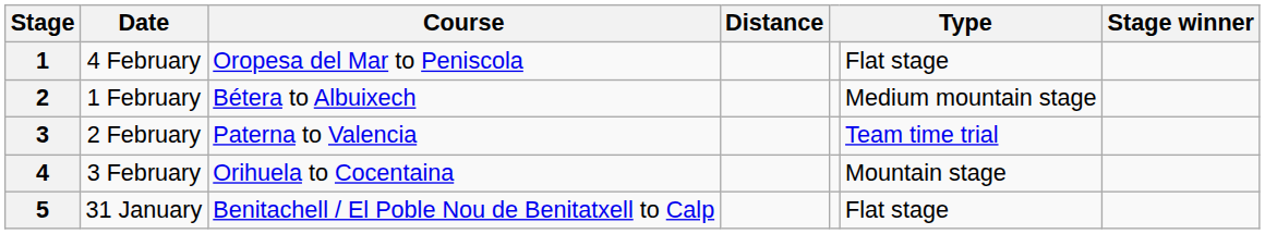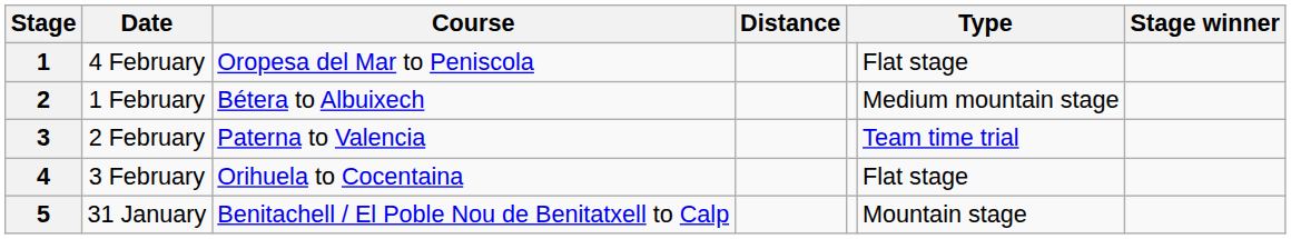 <table class="wikitable">
 <tr>
 <th scope="col">Stage</th>
 <th scope="col">Date</th>
 <th scope="col">Course</th>
 <th scope="col">Distance</th>
 <th scope="col" colspan="2">Type</th>
 <th scope="col">Stage winner</th>
 </tr>
 <tr>
 <th scope="row" style="text-align:center;">1</th>
 <td style="text-align:center;">4 February</td>
 <td><a href='#'>Oropesa del Mar</a> to <a href='#'>Peniscola</a></td>
 <td style="text-align:center;"></td>
 <td></td>
 <td>Flat stage</td>
 <td></td>
 </tr>
 <tr>
 <th scope="row" style="text-align:center;">2</th>
 <td style="text-align:center;">1 February</td>
 <td><a href='#'>Bétera</a> to <a href='#'>Albuixech</a></td>
 <td style="text-align:center;"></td>
 <td></td>
 <td>Medium mountain stage</td>
 <td></td>
 </tr>
 <tr>
 <th scope="row" style="text-align:center;">3</th>
 <td style="text-align:center;">2 February</td>
 <td><a href='#'>Paterna</a> to <a href='#'>Valencia</a></td>
 <td style="text-align:center;"></td>
 <td></td>
 <td><a href='#'>Team time trial</a></td>
 <td></td>
 </tr>
 <tr>
 <th scope="row" style="text-align:center;">4</th>
 <td style="text-align:center;">3 February</td>
 <td><a href='#'>Orihuela</a> to <a href='#'>Cocentaina</a></td>
 <td style="text-align:center;"></td>
 <td></td>
-<td>Mountain stage</td>
+<td>Flat stage</td>
 <td></td>
 </tr>
 <tr>
 <th scope="row" style="text-align:center;">5</th>
 <td style="text-align:center;">31 January</td>
 <td><a href='#'>Benitachell / El Poble Nou de Benitatxell</a> to <a href='#'>Calp</a></td>
 <td style="text-align:center;"></td>
 <td></td>
-<td>Flat stage</td>
+<td>Mountain stage</td>
 <td></td>
 </tr>
 </table>
